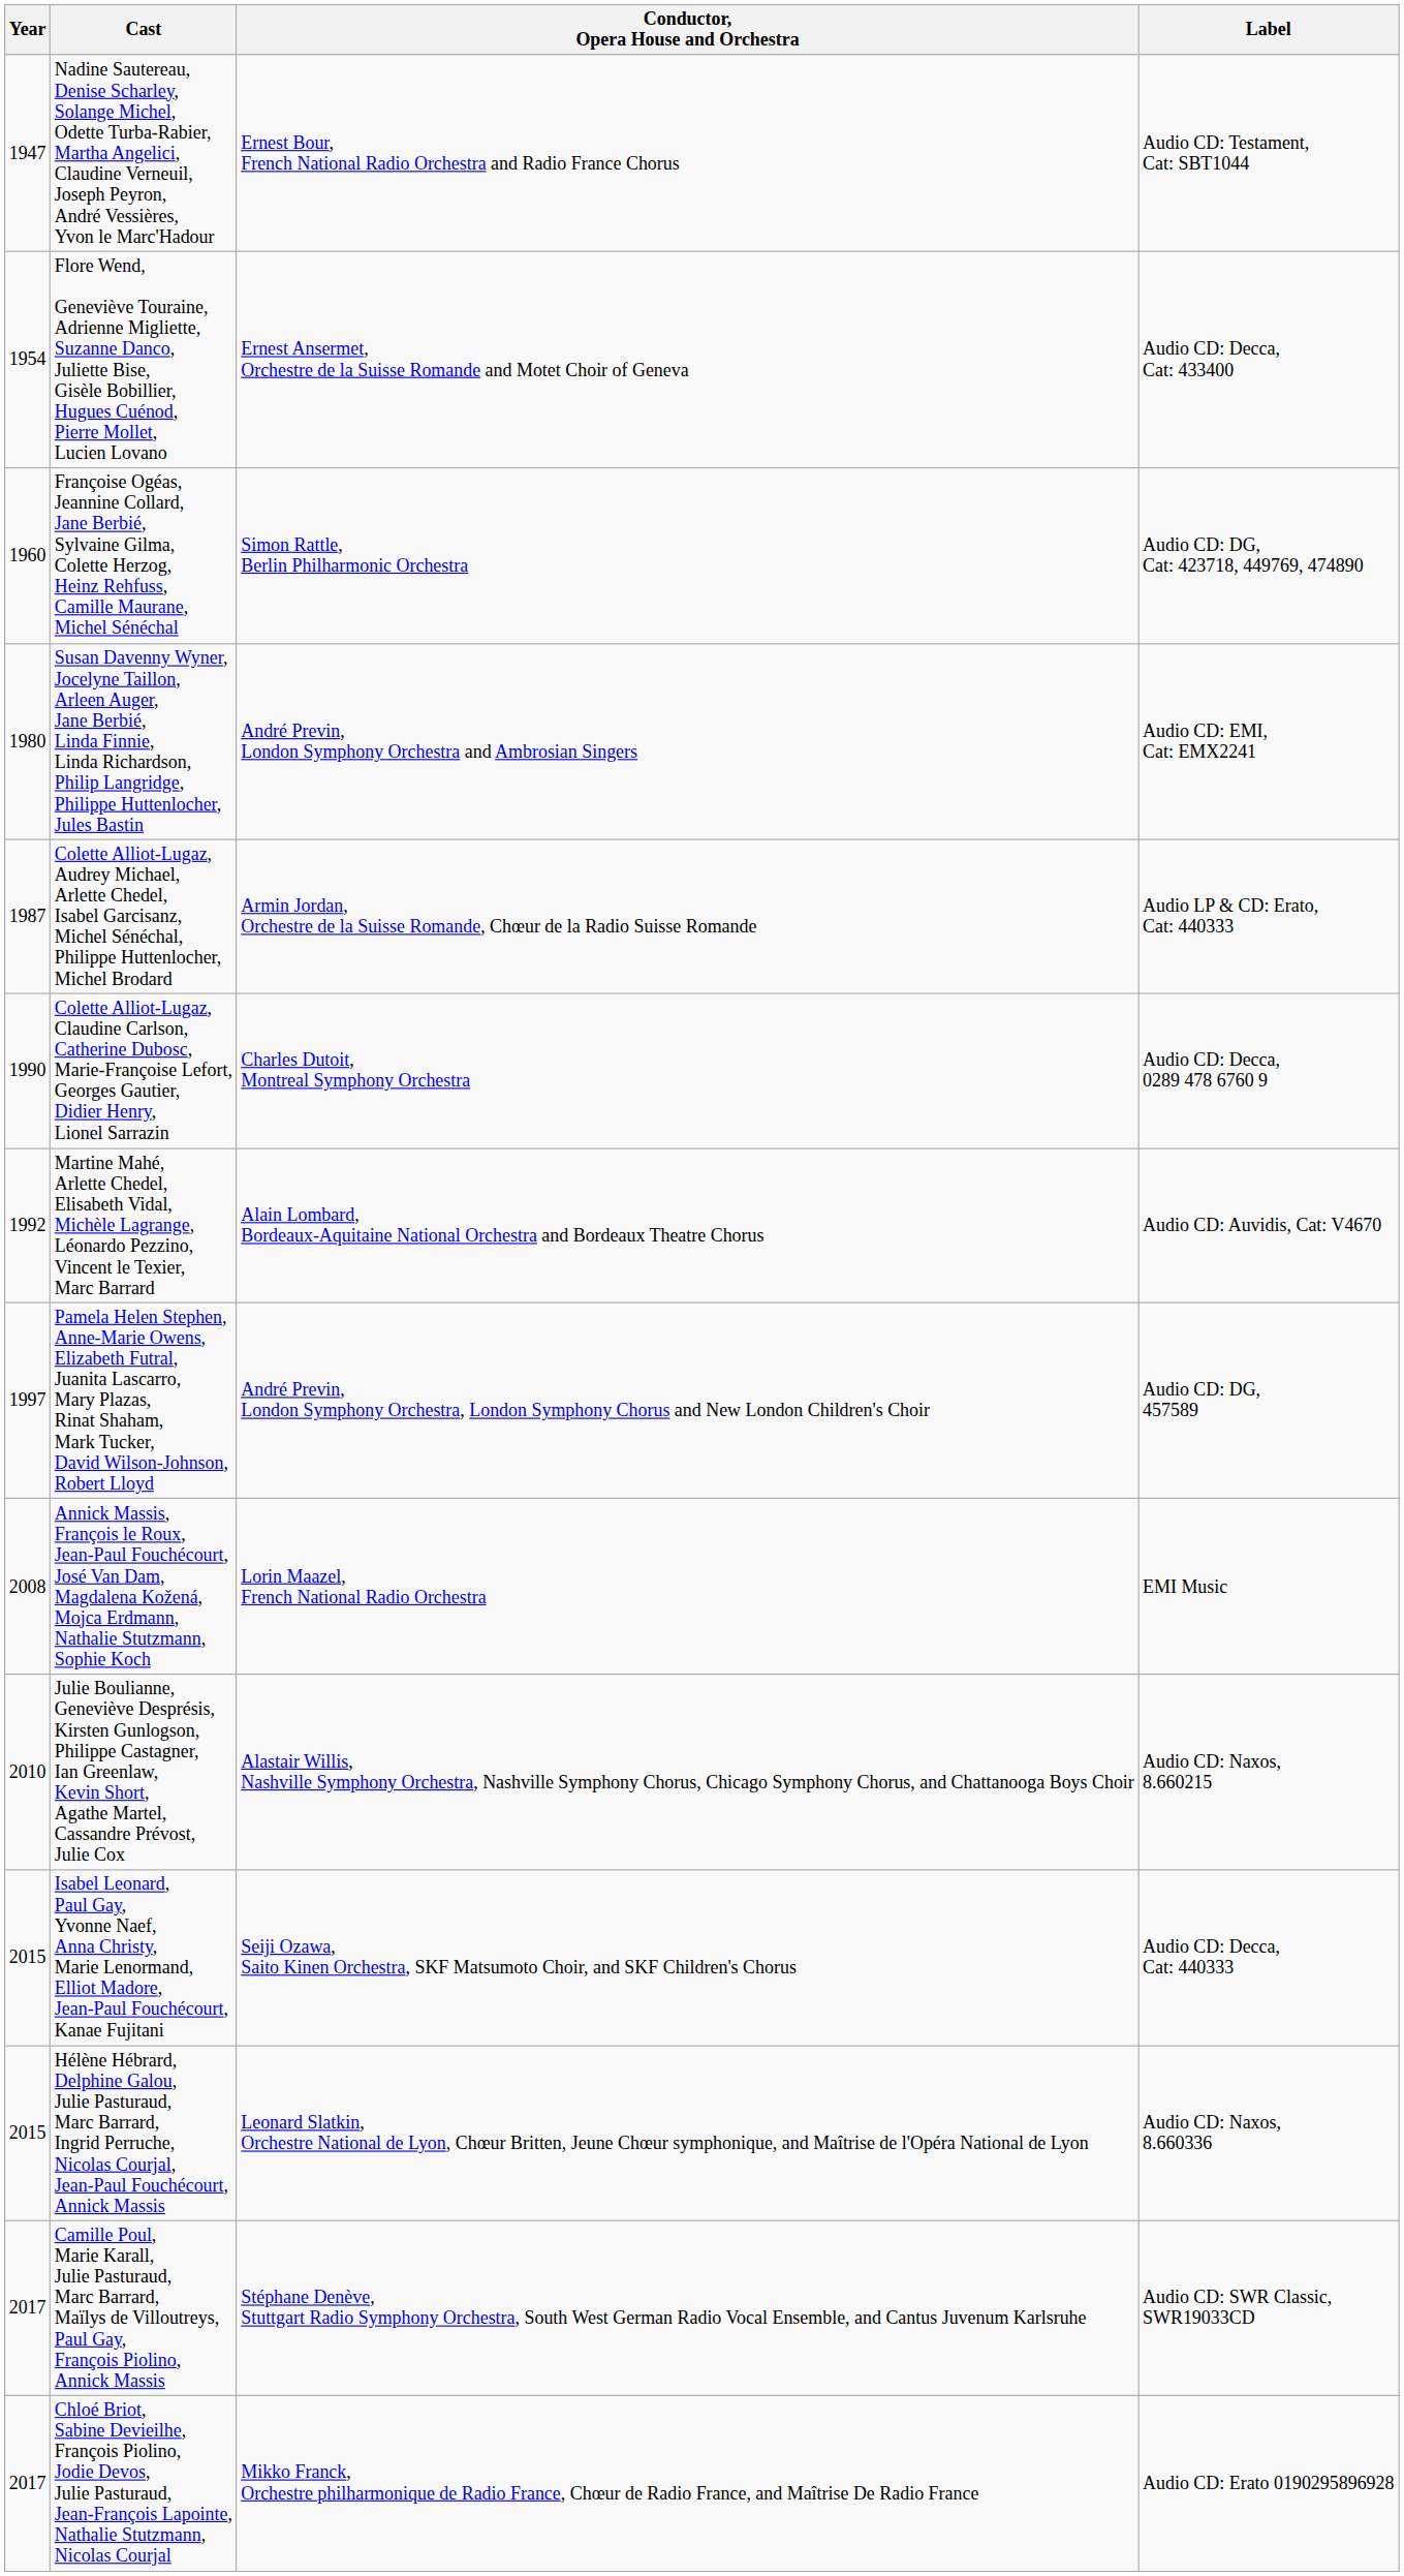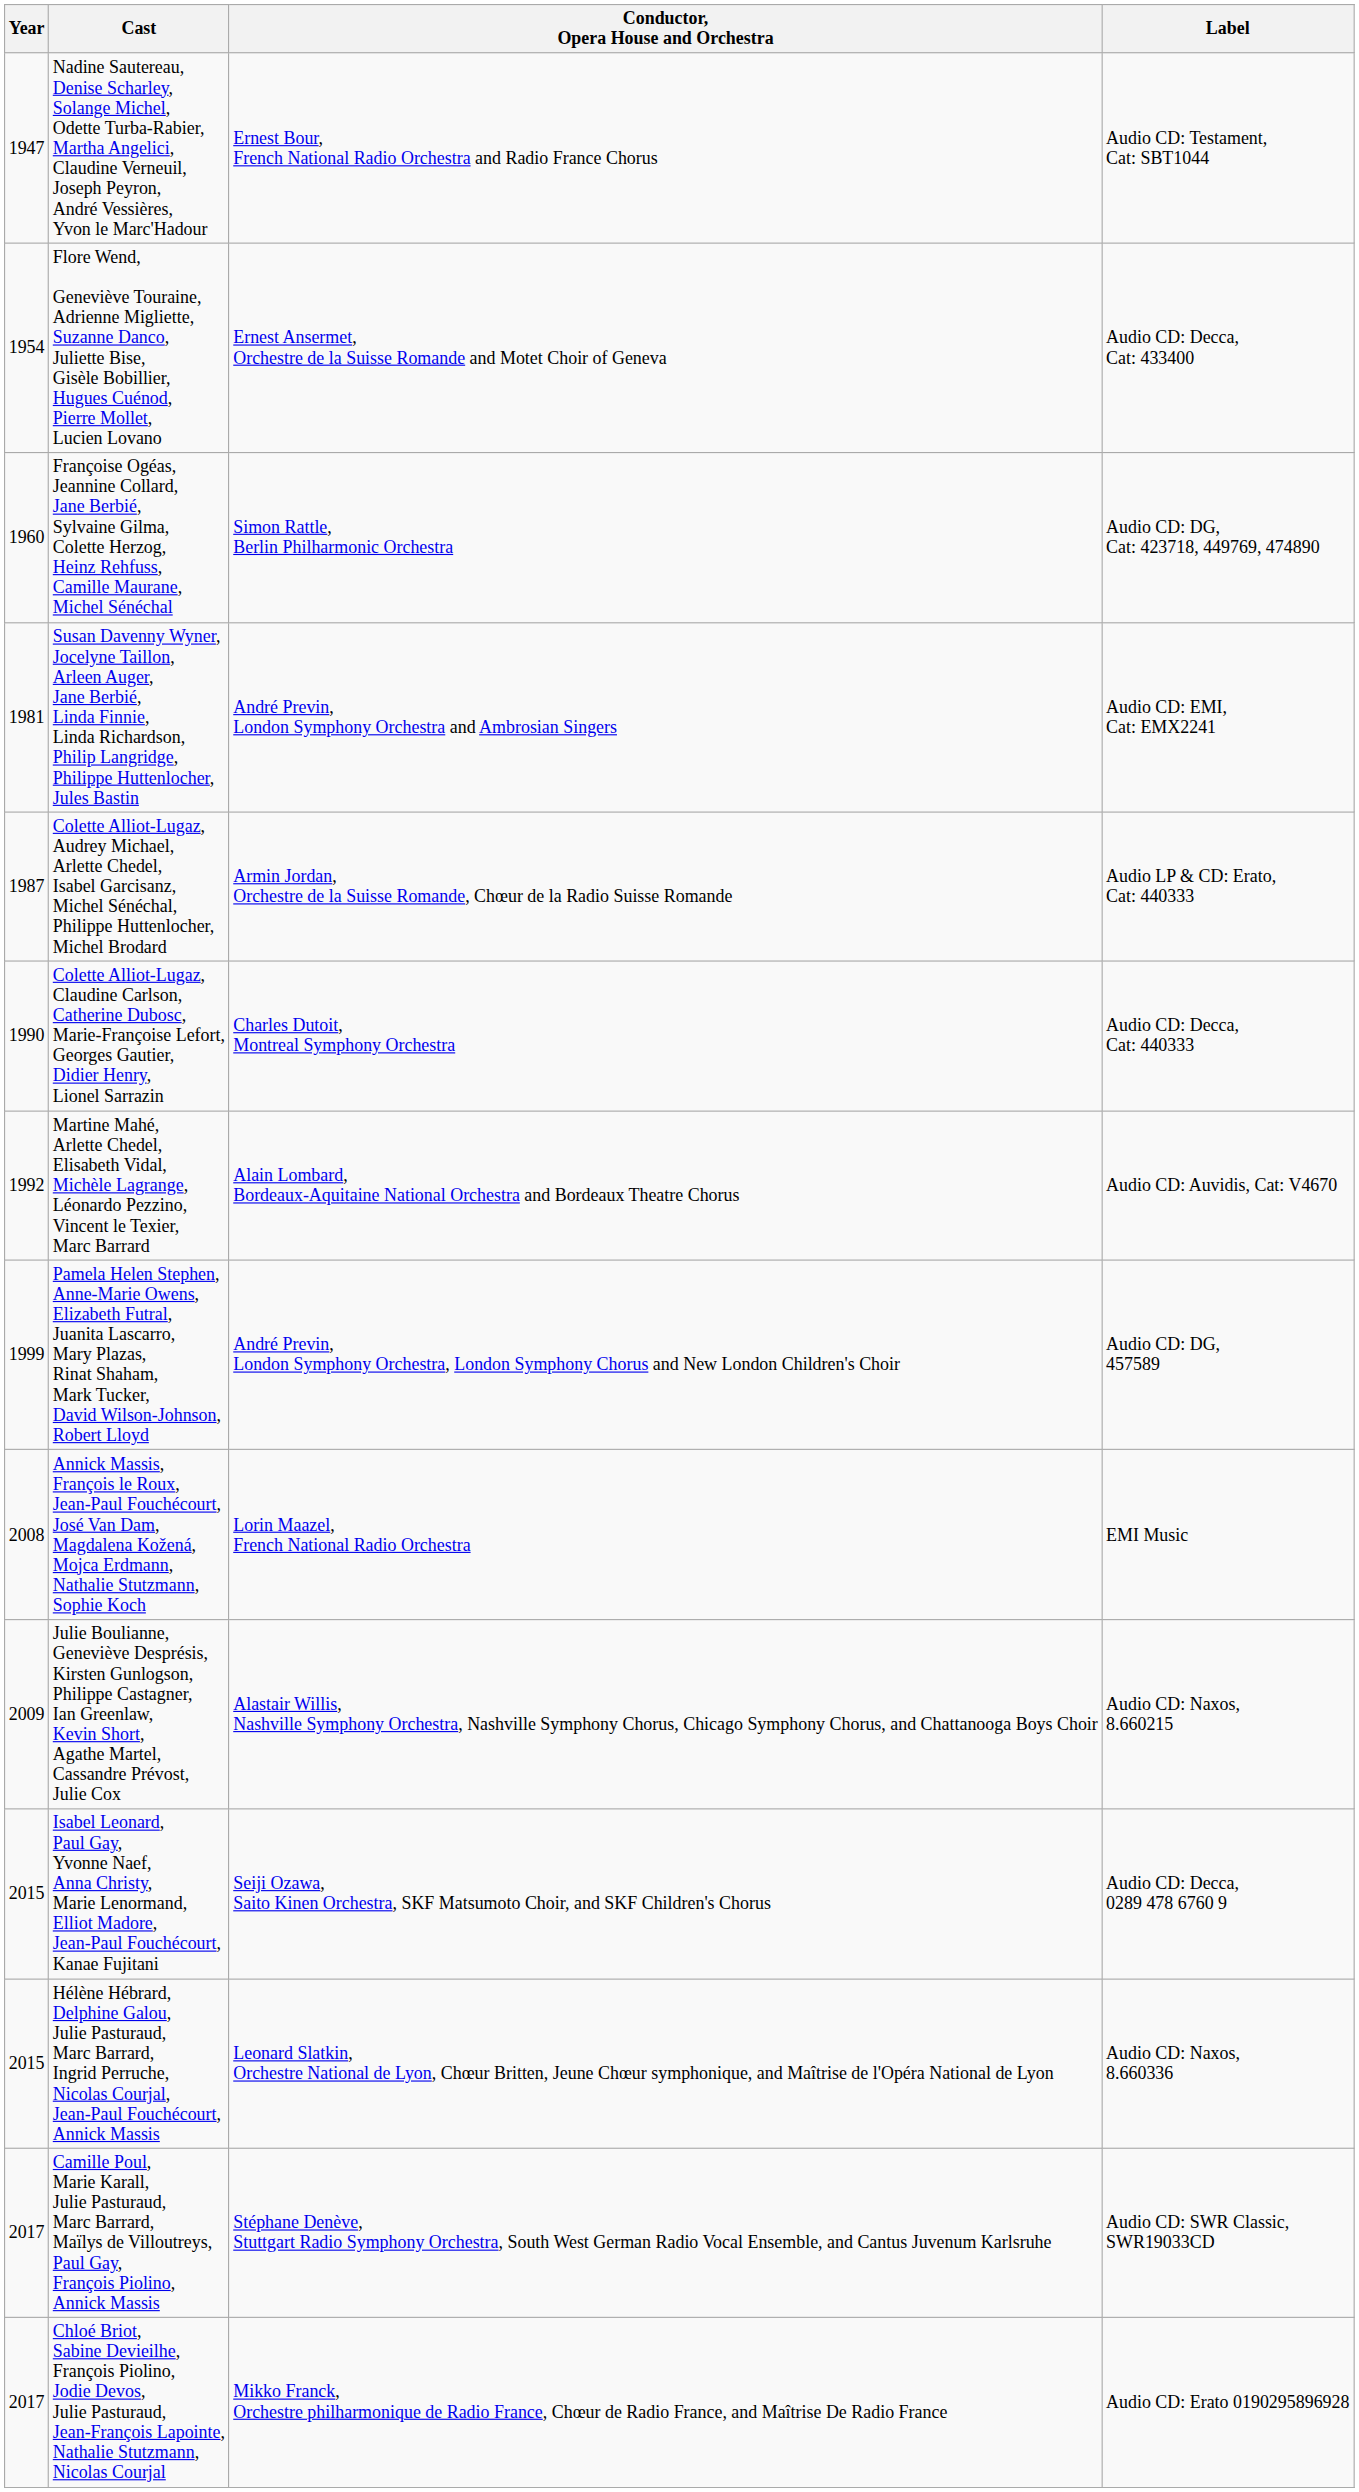 <table class="wikitable">
 <tr>
 <th>Year</th>
 <th>Cast</th>
 <th>Conductor,<br>Opera House and Orchestra</th>
 <th>Label</th>
 </tr>
 <tr>
 <td>1947</td>
 <td>Nadine Sautereau, <br> <a href='#'>Denise Scharley</a>,<br><a href='#'>Solange Michel</a>,<br> Odette Turba-Rabier,<br><a href='#'>Martha Angelici</a>,<br> Claudine Verneuil,<br>Joseph Peyron,<br> André Vessières,<br>Yvon le Marc'Hadour</td>
 <td><a href='#'>Ernest Bour</a>,<br><a href='#'>French National Radio Orchestra</a> and Radio France Chorus</td>
 <td>Audio CD: Testament,<br>Cat: SBT1044</td>
 </tr>
 <tr>
 <td>1954</td>
 <td>Flore Wend, <br><br>Geneviève Touraine, <br>Adrienne Migliette,<br><a href='#'>Suzanne Danco</a>,<br> Juliette Bise,<br>Gisèle Bobillier,<br> <a href='#'>Hugues Cuénod</a>,<br><a href='#'>Pierre Mollet</a>,<br>Lucien Lovano</td>
 <td><a href='#'>Ernest Ansermet</a>,<br><a href='#'>Orchestre de la Suisse Romande</a> and Motet Choir of Geneva</td>
 <td>Audio CD: Decca,<br>Cat: 433400</td>
 </tr>
 <tr>
 <td>1960</td>
 <td>Françoise Ogéas,<br> Jeannine Collard,<br><a href='#'>Jane Berbié</a>,<br> Sylvaine Gilma,<br>Colette Herzog,<br> <a href='#'>Heinz Rehfuss</a>,<br><a href='#'>Camille Maurane</a>,<br> <a href='#'>Michel Sénéchal</a></td>
 <td><a href='#'>Simon Rattle</a>,<br><a href='#'>Berlin Philharmonic Orchestra</a></td>
 <td>Audio CD: DG,<br>Cat:  423718, 449769, 474890</td>
 </tr>
 <tr>
-<td>1980</td>
+<td>1981</td>
 <td><a href='#'>Susan Davenny Wyner</a>,<br> <a href='#'>Jocelyne Taillon</a>,<br><a href='#'>Arleen Auger</a>,<br> <a href='#'>Jane Berbié</a>,<br><a href='#'>Linda Finnie</a>,<br> Linda Richardson,<br><a href='#'>Philip Langridge</a>,<br> <a href='#'>Philippe Huttenlocher</a>,<br><a href='#'>Jules Bastin</a></td>
 <td><a href='#'>André Previn</a>,<br><a href='#'>London Symphony Orchestra</a> and <a href='#'>Ambrosian Singers</a></td>
 <td>Audio CD: EMI,<br>Cat: EMX2241</td>
 </tr>
 <tr>
 <td>1987</td>
 <td><a href='#'>Colette Alliot-Lugaz</a>,<br> Audrey Michael,<br> Arlette Chedel,<br> Isabel Garcisanz,<br>Michel Sénéchal,<br> Philippe Huttenlocher,<br>Michel Brodard</td>
 <td><a href='#'>Armin Jordan</a>,<br><a href='#'>Orchestre de la Suisse Romande</a>, Chœur de la Radio Suisse Romande</td>
 <td>Audio LP & CD: Erato,<br>Cat: 440333</td>
 </tr>
 <tr>
 <td>1990</td>
 <td><a href='#'>Colette Alliot-Lugaz</a>,<br> Claudine Carlson,<br><a href='#'>Catherine Dubosc</a>,<br>Marie-Françoise Lefort,<br>Georges Gautier,<br> <a href='#'>Didier Henry</a>,<br>Lionel Sarrazin</td>
 <td><a href='#'>Charles Dutoit</a>,<br><a href='#'>Montreal Symphony Orchestra</a></td>
-<td>Audio CD: Decca, <br> 0289 478 6760 9</td>
+<td>Audio CD: Decca,<br>Cat: 440333</td>
 </tr>
 <tr>
 <td>1992</td>
 <td>Martine Mahé,<br> Arlette Chedel,<br>Elisabeth Vidal,<br> <a href='#'>Michèle Lagrange</a>,<br> Léonardo Pezzino,<br> Vincent le Texier,<br> Marc Barrard</td>
 <td><a href='#'>Alain Lombard</a>,<br><a href='#'>Bordeaux-Aquitaine National Orchestra</a> and Bordeaux Theatre Chorus</td>
 <td>Audio CD: Auvidis, Cat: V4670</td>
 </tr>
 <tr>
-<td>1997</td>
+<td>1999</td>
 <td><a href='#'>Pamela Helen Stephen</a>, <br><a href='#'>Anne-Marie Owens</a>,<br><a href='#'>Elizabeth Futral</a>,<br> Juanita Lascarro,<br>Mary Plazas,<br> Rinat Shaham,<br>Mark Tucker,<br> <a href='#'>David Wilson-Johnson</a>,<br><a href='#'>Robert Lloyd</a></td>
 <td><a href='#'>André Previn</a>,<br><a href='#'>London Symphony Orchestra</a>, <a href='#'>London Symphony Chorus</a> and New London Children's Choir</td>
 <td>Audio CD: DG,<br>457589</td>
 </tr>
 <tr>
 <td>2008</td>
 <td><a href='#'>Annick Massis</a>, <br><a href='#'>François le Roux</a>, <br><a href='#'>Jean-Paul Fouchécourt</a>, <br><a href='#'>José Van Dam</a>, <br><a href='#'>Magdalena Kožená</a>, <br><a href='#'>Mojca Erdmann</a>, <br><a href='#'>Nathalie Stutzmann</a>, <br><a href='#'>Sophie Koch</a></td>
 <td><a href='#'>Lorin Maazel</a>,<br><a href='#'>French National Radio Orchestra</a></td>
 <td>EMI Music</td>
 </tr>
 <tr>
-<td>2010</td>
+<td>2009</td>
 <td>Julie Boulianne,<br> Geneviève Desprésis,<br> Kirsten Gunlogson,<br> Philippe Castagner, <br> Ian Greenlaw, <br> <a href='#'>Kevin Short</a>, <br> Agathe Martel, <br> Cassandre Prévost, <br> Julie Cox</td>
 <td><a href='#'>Alastair Willis</a>,<br><a href='#'>Nashville Symphony Orchestra</a>, Nashville Symphony Chorus, Chicago Symphony Chorus, and Chattanooga Boys Choir</td>
 <td>Audio CD: Naxos, <br> 8.660215</td>
 </tr>
 <tr>
 <td>2015</td>
 <td><a href='#'>Isabel Leonard</a>,<br> <a href='#'>Paul Gay</a>,<br> Yvonne Naef,<br><a href='#'>Anna Christy</a>, <br>Marie Lenormand, <br><a href='#'>Elliot Madore</a>, <br><a href='#'>Jean-Paul Fouchécourt</a>, <br>Kanae Fujitani</td>
 <td><a href='#'>Seiji Ozawa</a>,<br><a href='#'>Saito Kinen Orchestra</a>, SKF Matsumoto Choir, and SKF Children's Chorus</td>
-<td>Audio CD: Decca,<br>Cat: 440333</td>
+<td>Audio CD: Decca, <br> 0289 478 6760 9</td>
 </tr>
 <tr>
 <td>2015</td>
 <td>Hélène Hébrard,<br> <a href='#'>Delphine Galou</a>,<br> Julie Pasturaud,<br> Marc Barrard, <br> Ingrid Perruche, <br><a href='#'>Nicolas Courjal</a>, <br><a href='#'>Jean-Paul Fouchécourt</a>, <br> <a href='#'>Annick Massis</a></td>
 <td><a href='#'>Leonard Slatkin</a>,<br><a href='#'>Orchestre National de Lyon</a>, Chœur Britten, Jeune Chœur symphonique, and Maîtrise de l'Opéra National de Lyon</td>
 <td>Audio CD: Naxos, <br> 8.660336</td>
 </tr>
 <tr>
 <td>2017</td>
 <td><a href='#'>Camille Poul</a>,<br> Marie Karall,<br> Julie Pasturaud,<br> Marc Barrard, <br> Maïlys de Villoutreys, <br> <a href='#'>Paul Gay</a>, <br> <a href='#'>François Piolino</a>, <br> <a href='#'>Annick Massis</a></td>
 <td><a href='#'>Stéphane Denève</a>,<br><a href='#'>Stuttgart Radio Symphony Orchestra</a>, South West German Radio Vocal Ensemble, and Cantus Juvenum Karlsruhe</td>
 <td>Audio CD: SWR Classic, <br> SWR19033CD</td>
 </tr>
 <tr>
 <td>2017</td>
 <td><a href='#'>Chloé Briot</a>, <br> <a href='#'>Sabine Devieilhe</a>, <br> François Piolino, <br> <a href='#'>Jodie Devos</a>, <br> Julie Pasturaud, <br> <a href='#'>Jean-François Lapointe</a>, <br><a href='#'>Nathalie Stutzmann</a>, <br> <a href='#'>Nicolas Courjal</a></td>
 <td><a href='#'>Mikko Franck</a>,<br><a href='#'>Orchestre philharmonique de Radio France</a>, Chœur de Radio France, and Maîtrise De Radio France</td>
 <td>Audio CD: Erato 0190295896928</td>
 </tr>
 <tr>
 </tr>
 </table>
